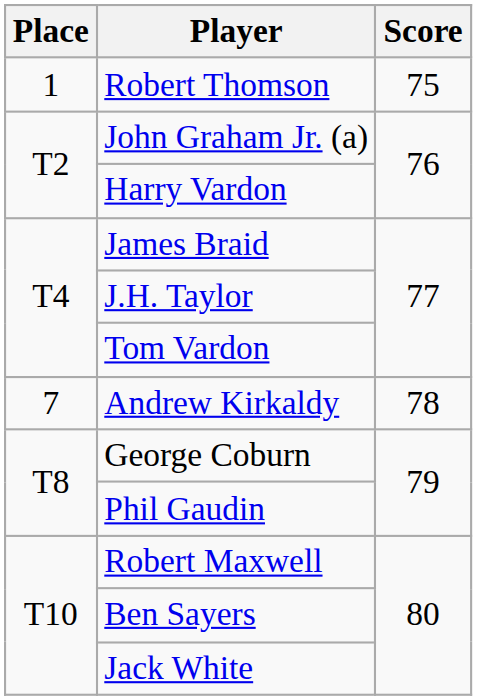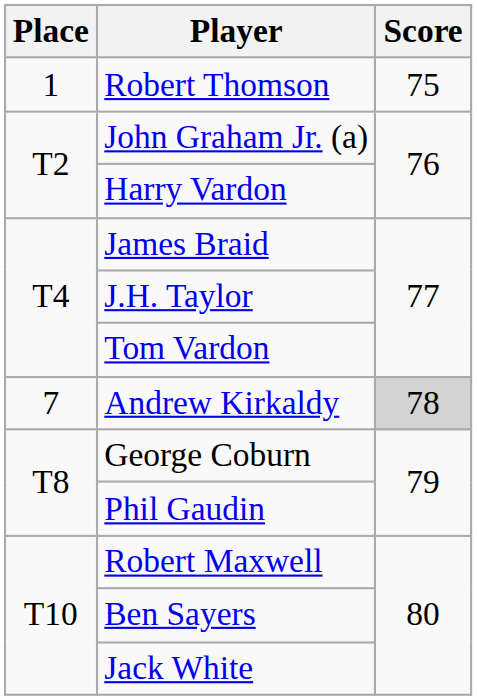 <table class="wikitable">
 <tr>
 <th>Place</th>
 <th>Player</th>
 <th>Score</th>
 </tr>
 <tr>
 <td align=center>1</td>
 <td> <a href='#'>Robert Thomson</a></td>
 <td align=center>75</td>
 </tr>
 <tr>
 <td rowspan=2 align=center>T2</td>
 <td> <a href='#'>John Graham Jr.</a> (a)</td>
 <td rowspan=2 align=center>76</td>
 </tr>
 <tr>
 <td> <a href='#'>Harry Vardon</a></td>
 </tr>
 <tr>
 <td rowspan=3 align=center>T4</td>
 <td> <a href='#'>James Braid</a></td>
 <td rowspan=3 align=center>77</td>
 </tr>
 <tr>
 <td> <a href='#'>J.H. Taylor</a></td>
 </tr>
 <tr>
 <td> <a href='#'>Tom Vardon</a></td>
 </tr>
 <tr>
 <td align=center>7</td>
 <td> <a href='#'>Andrew Kirkaldy</a></td>
-<td align=center>78</td>
+<td align=center style="background: lightgrey;">78</td>
 </tr>
 <tr>
 <td rowspan=2 align=center>T8</td>
 <td> George Coburn</td>
 <td rowspan=2 align=center>79</td>
 </tr>
 <tr>
 <td> <a href='#'>Phil Gaudin</a></td>
 </tr>
 <tr>
 <td rowspan=3 align=center>T10</td>
 <td> <a href='#'>Robert Maxwell</a></td>
 <td rowspan=3 align=center>80</td>
 </tr>
 <tr>
 <td> <a href='#'>Ben Sayers</a></td>
 </tr>
 <tr>
 <td> <a href='#'>Jack White</a></td>
 </tr>
 </table>
